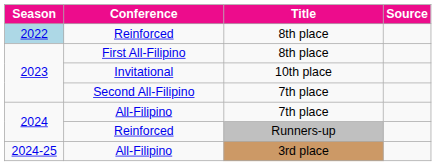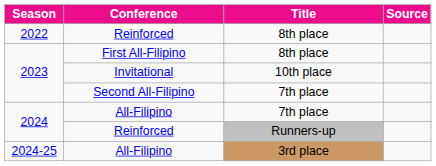 <table class="wikitable">
 <tr>
 <th width=70px style="background: #ED0C8C; color: #FFFFFF; text-align: center"><strong>Season</strong></th>
 <th width=200px style="background: #ED0C8C; color: #FFFFFF"><strong>Conference</strong></th>
 <th width=200px style="background: #ED0C8C; color: #FFFFFF"><strong>Title</strong></th>
 <th width=50px style="background: #ED0C8C; color: #FFFFFF"><strong>Source</strong></th>
 </tr>
 <tr align=center>
-<td rowspan=1 style="background: lightblue;"><a href='#'>2022</a></td>
+<td rowspan=1><a href='#'>2022</a></td>
 <td><a href='#'>Reinforced</a></td>
 <td>8th place</td>
 <td></td>
 </tr>
 <tr align=center>
 <td rowspan=3><a href='#'>2023</a></td>
 <td><a href='#'>First All-Filipino</a></td>
 <td>8th place</td>
 <td></td>
 </tr>
 <tr align=center>
 <td><a href='#'>Invitational</a></td>
 <td>10th place</td>
 <td></td>
 </tr>
 <tr align=center>
 <td><a href='#'>Second All-Filipino</a></td>
 <td>7th place</td>
 <td></td>
 </tr>
 <tr align=center>
 <td rowspan=2><a href='#'>2024</a></td>
 <td><a href='#'>All-Filipino</a></td>
 <td>7th place</td>
 <td></td>
 </tr>
 <tr align=center>
 <td><a href='#'>Reinforced</a></td>
 <td style="background:silver">Runners-up</td>
 <td></td>
 </tr>
 <tr align=center>
 <td rowspan=3><a href='#'>2024-25</a></td>
 <td><a href='#'>All-Filipino</a></td>
 <td style="background:#CC9966">3rd place</td>
 <td></td>
 </tr>
 </table>
